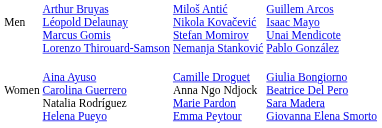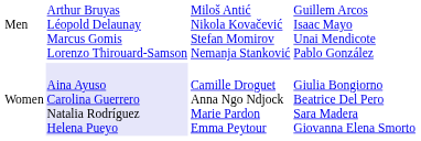 <table>
 <tr>
 <td>Men<br></td>
 <td><br><a href='#'>Arthur Bruyas</a><br><a href='#'>Léopold Delaunay</a><br><a href='#'>Marcus Gomis</a><br><a href='#'>Lorenzo Thirouard-Samson</a></td>
 <td><br><a href='#'>Miloš Antić</a><br><a href='#'>Nikola Kovačević</a><br><a href='#'>Stefan Momirov</a><br><a href='#'>Nemanja Stanković</a></td>
 <td><br><a href='#'>Guillem Arcos</a><br><a href='#'>Isaac Mayo</a><br><a href='#'>Unai Mendicote</a><br><a href='#'>Pablo González</a></td>
 </tr>
 <tr>
 <td>Women<br></td>
-<td><br><a href='#'>Aina Ayuso</a><br><a href='#'>Carolina Guerrero</a><br>Natalia Rodríguez<br><a href='#'>Helena Pueyo</a></td>
+<td style="background: lavender;"><br><a href='#'>Aina Ayuso</a><br><a href='#'>Carolina Guerrero</a><br>Natalia Rodríguez<br><a href='#'>Helena Pueyo</a></td>
 <td><br><a href='#'>Camille Droguet</a><br>Anna Ngo Ndjock<br><a href='#'>Marie Pardon</a><br><a href='#'>Emma Peytour</a></td>
 <td><br><a href='#'>Giulia Bongiorno</a><br><a href='#'>Beatrice Del Pero</a><br><a href='#'>Sara Madera</a><br><a href='#'>Giovanna Elena Smorto</a></td>
 </tr>
 </table>
